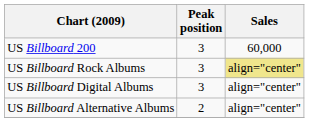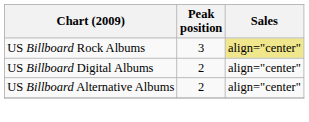 <table class="wikitable">
 <tr>
 <th>Chart (2009)</th>
 <th>Peak<br>position</th>
 <th>Sales</th>
-</tr>
-<tr>
-<td>US <a href='#'><em>Billboard</em> 200</a></td>
-<td align="center">3</td>
-<td align="center">60,000</td>
 </tr>
 <tr>
 <td>US <em>Billboard</em> Rock Albums</td>
 <td align="center">3</td>
 <td style="background: khaki;">align="center"  </td>
 </tr>
 <tr>
 <td>US <em>Billboard</em> Digital Albums</td>
-<td align="center">3</td>
+<td align="center">2</td>
 <td>align="center"  </td>
 </tr>
 <tr>
 <td>US <em>Billboard</em> Alternative Albums</td>
 <td align="center">2</td>
 <td>align="center"  </td>
 </tr>
 <tr>
 </tr>
 </table>
